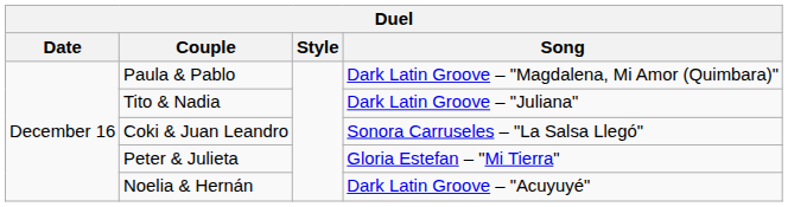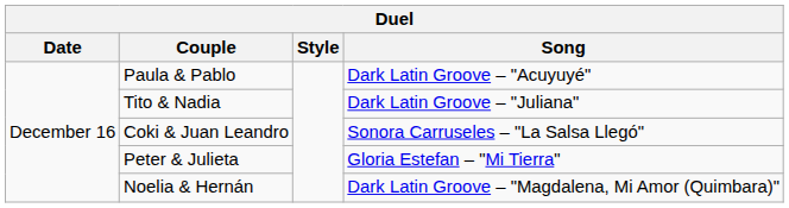 <table class="wikitable collapsible collapsed">
 <tr>
 <th colspan="10" style="text-align:center;"><strong>Duel</strong></th>
 </tr>
 <tr>
 <th>Date</th>
 <th>Couple</th>
 <th>Style</th>
 <th>Song</th>
 </tr>
 <tr>
 <td rowspan="5" style="text-align:center;">December 16</td>
 <td>Paula & Pablo</td>
 <td rowspan="5"></td>
-<td><a href='#'>Dark Latin Groove</a> – "Magdalena, Mi Amor (Quimbara)"</td>
+<td><a href='#'>Dark Latin Groove</a> – "Acuyuyé"</td>
 </tr>
 <tr>
 <td>Tito & Nadia</td>
 <td><a href='#'>Dark Latin Groove</a> – "Juliana"</td>
 </tr>
 <tr>
 <td>Coki & Juan Leandro</td>
 <td><a href='#'>Sonora Carruseles</a> – "La Salsa Llegó"</td>
 </tr>
 <tr>
 <td>Peter & Julieta</td>
 <td><a href='#'>Gloria Estefan</a> – "<a href='#'>Mi Tierra</a>"</td>
 </tr>
 <tr>
 <td>Noelia & Hernán</td>
-<td><a href='#'>Dark Latin Groove</a> – "Acuyuyé"</td>
+<td><a href='#'>Dark Latin Groove</a> – "Magdalena, Mi Amor (Quimbara)"</td>
 </tr>
 </table>
